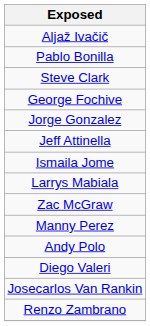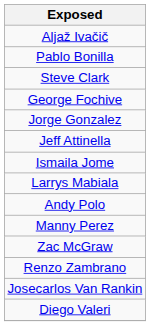 <table class="wikitable" style="text-align:center">
 <tr>
 <th>Exposed</th>
 </tr>
 <tr>
 <td><a href='#'>Aljaž Ivačič</a></td>
 </tr>
 <tr>
 <td><a href='#'>Pablo Bonilla</a></td>
 </tr>
 <tr>
 <td><a href='#'>Steve Clark</a></td>
 </tr>
 <tr>
 <td><a href='#'>George Fochive</a></td>
 </tr>
 <tr>
 <td><a href='#'>Jorge Gonzalez</a></td>
 </tr>
 <tr>
 <td><a href='#'>Jeff Attinella</a></td>
 </tr>
 <tr>
 <td><a href='#'>Ismaila Jome</a></td>
 </tr>
 <tr>
 <td><a href='#'>Larrys Mabiala</a></td>
 </tr>
 <tr>
-<td><a href='#'>Zac McGraw</a></td>
+<td><a href='#'>Andy Polo</a></td>
 </tr>
 <tr>
 <td><a href='#'>Manny Perez</a></td>
 </tr>
 <tr>
-<td><a href='#'>Andy Polo</a></td>
+<td><a href='#'>Zac McGraw</a></td>
+</tr>
+<tr>
+<td><a href='#'>Renzo Zambrano</a></td>
+</tr>
+<tr>
+<td><a href='#'>Josecarlos Van Rankin</a></td>
 </tr>
 <tr>
 <td><a href='#'>Diego Valeri</a></td>
 </tr>
 <tr>
-<td><a href='#'>Josecarlos Van Rankin</a></td>
-</tr>
-<tr>
-<td><a href='#'>Renzo Zambrano</a></td>
-</tr>
-<tr>
 </tr>
 </table>
